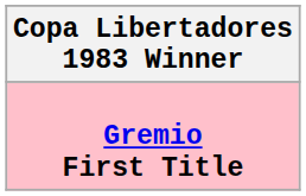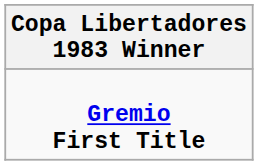 <table class="wikitable" style="text-align: center; margin: 0 auto;">
 <tr>
 <th>Copa Libertadores<br>1983 Winner</th>
 </tr>
 <tr>
-<td style="background: pink;"><br><strong><a href='#'>Gremio</a></strong><br><strong>First Title</strong></td>
+<td><br><strong><a href='#'>Gremio</a></strong><br><strong>First Title</strong></td>
 </tr>
 </table>
